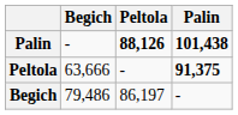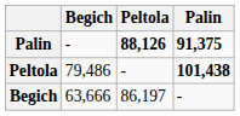 <table class="wikitable">
 <tr>
 <th></th>
 <th>Begich</th>
 <th>Peltola</th>
 <th>Palin</th>
 </tr>
 <tr>
 <th>Palin</th>
 <td>-</td>
 <td><strong>88,126</strong></td>
+<td><strong>91,375</strong></td>
+</tr>
+<tr>
+<th>Peltola</th>
+<td>79,486</td>
+<td>-</td>
 <td><strong>101,438</strong></td>
 </tr>
 <tr>
-<th>Peltola</th>
+<th>Begich</th>
 <td>63,666</td>
-<td>-</td>
-<td><strong>91,375</strong></td>
-</tr>
-<tr>
-<th>Begich</th>
-<td>79,486</td>
 <td>86,197</td>
 <td>-</td>
 </tr>
 </table>
